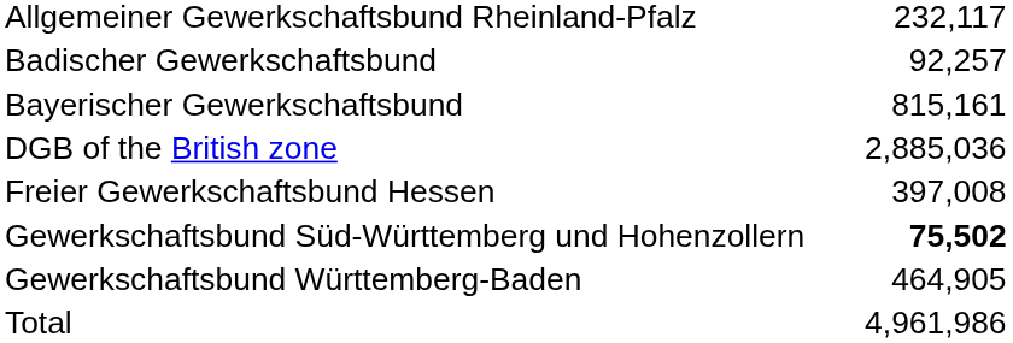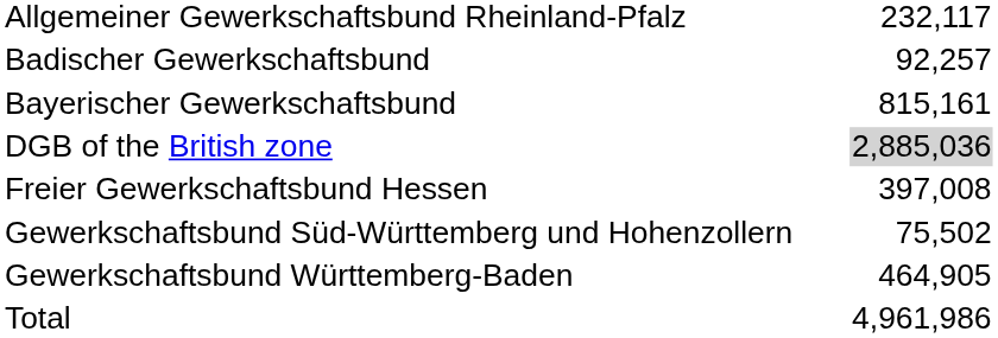 <table>
 <tr>
 <td>Allgemeiner Gewerkschaftsbund Rheinland-Pfalz</td>
 <td rowspan="8">     </td>
 <td style="text-align:right">232,117</td>
 </tr>
 <tr>
 <td>Badischer Gewerkschaftsbund</td>
 <td style="text-align:right">92,257</td>
 </tr>
 <tr>
 <td>Bayerischer Gewerkschaftsbund</td>
 <td style="text-align:right">815,161</td>
 </tr>
 <tr>
 <td>DGB of the <a href='#'>British zone</a></td>
-<td style="text-align:right">2,885,036</td>
+<td style="background: lightgrey; text-align:right">2,885,036</td>
 </tr>
 <tr>
 <td>Freier Gewerkschaftsbund Hessen</td>
 <td style="text-align:right">397,008</td>
 </tr>
 <tr>
 <td>Gewerkschaftsbund Süd-Württemberg und Hohenzollern</td>
-<td style="text-align:right"><strong>75,502</strong></td>
+<td style="text-align:right">75,502</td>
 </tr>
 <tr>
 <td>Gewerkschaftsbund Württemberg-Baden</td>
 <td style="text-align:right">464,905</td>
 </tr>
 <tr>
 <td>Total</td>
 <td style="text-align:right">4,961,986</td>
 </tr>
 </table>
